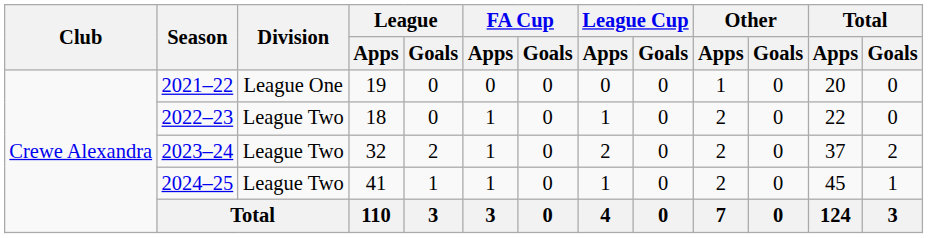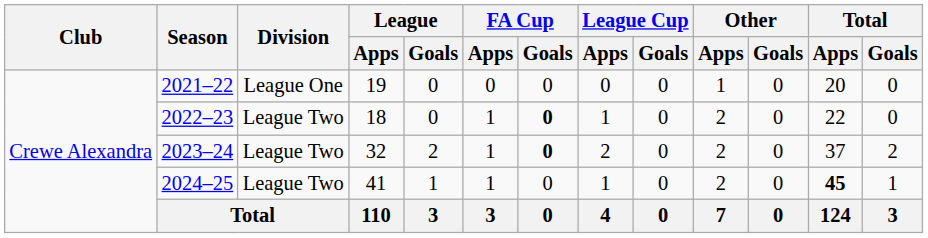 <table class="wikitable" style="text-align:center;">
 <tr>
 <th rowspan="2">Club</th>
 <th rowspan="2">Season</th>
 <th rowspan="2">Division</th>
 <th colspan="2">League</th>
 <th colspan="2"><a href='#'>FA Cup</a></th>
 <th colspan="2"><a href='#'>League Cup</a></th>
 <th colspan="2">Other</th>
 <th colspan="2">Total</th>
 </tr>
 <tr>
 <th>Apps</th>
 <th>Goals</th>
 <th>Apps</th>
 <th>Goals</th>
 <th>Apps</th>
 <th>Goals</th>
 <th>Apps</th>
 <th>Goals</th>
 <th>Apps</th>
 <th>Goals</th>
 </tr>
 <tr>
 <td rowspan="5"><a href='#'>Crewe Alexandra</a></td>
 <td><a href='#'>2021–22</a></td>
 <td>League One</td>
 <td>19</td>
 <td>0</td>
 <td>0</td>
 <td>0</td>
 <td>0</td>
 <td>0</td>
 <td>1</td>
 <td>0</td>
 <td>20</td>
 <td>0</td>
 </tr>
 <tr>
 <td><a href='#'>2022–23</a></td>
 <td>League Two</td>
 <td>18</td>
 <td>0</td>
 <td>1</td>
-<td>0</td>
+<td><strong>0</strong></td>
 <td>1</td>
 <td>0</td>
 <td>2</td>
 <td>0</td>
 <td>22</td>
 <td>0</td>
 </tr>
 <tr>
 <td><a href='#'>2023–24</a></td>
 <td>League Two</td>
 <td>32</td>
 <td>2</td>
 <td>1</td>
-<td>0</td>
+<td><strong>0</strong></td>
 <td>2</td>
 <td>0</td>
 <td>2</td>
 <td>0</td>
 <td>37</td>
 <td>2</td>
 </tr>
 <tr>
 <td><a href='#'>2024–25</a></td>
 <td>League Two</td>
 <td>41</td>
 <td>1</td>
 <td>1</td>
 <td>0</td>
 <td>1</td>
 <td>0</td>
 <td>2</td>
 <td>0</td>
-<td>45</td>
+<td><strong>45</strong></td>
 <td>1</td>
 </tr>
 <tr>
 <th colspan="2">Total</th>
 <th>110</th>
 <th>3</th>
 <th>3</th>
 <th>0</th>
 <th>4</th>
 <th>0</th>
 <th>7</th>
 <th>0</th>
 <th>124</th>
 <th>3</th>
 </tr>
 </table>
